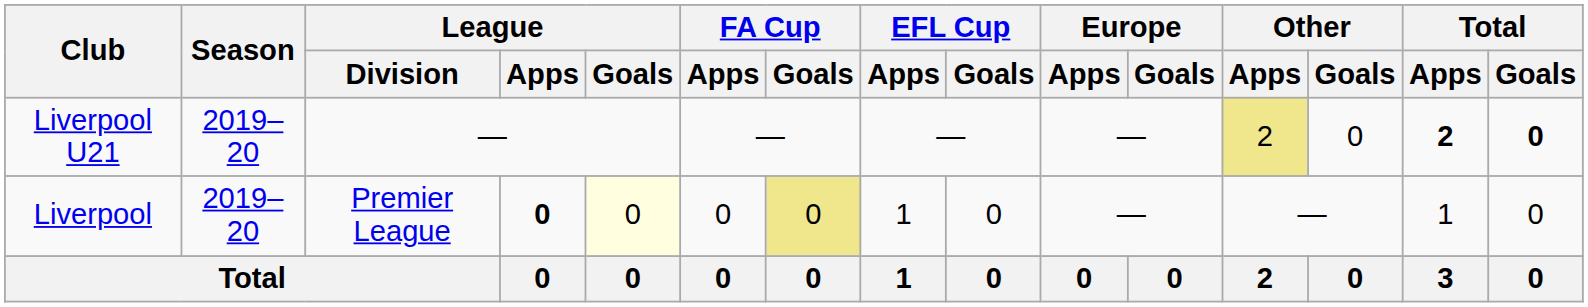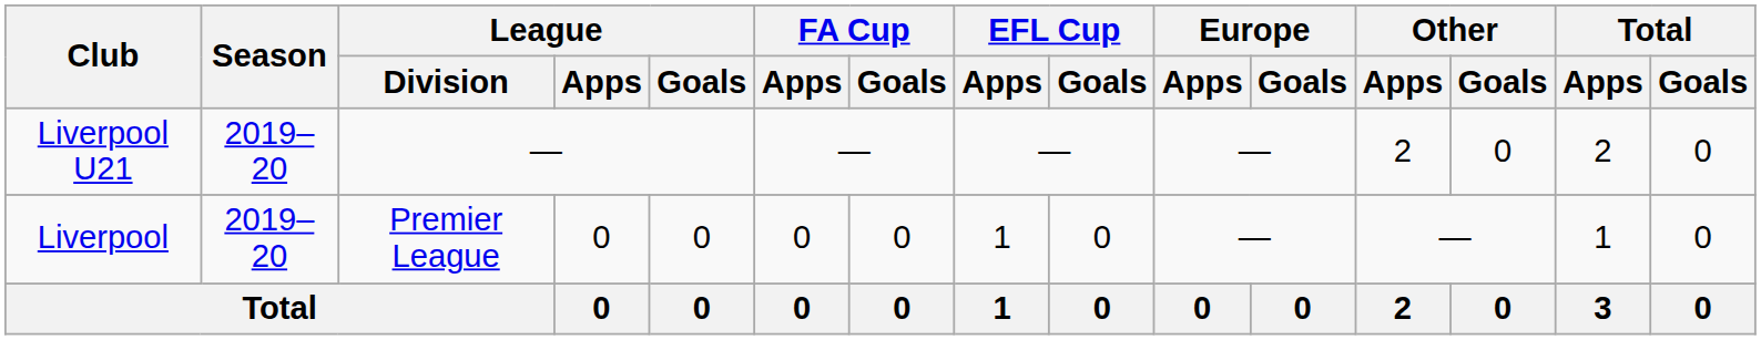 <table class="wikitable" style="text-align:center">
 <tr>
 <th rowspan=2>Club</th>
 <th rowspan=2>Season</th>
 <th colspan=3>League</th>
 <th colspan=2><a href='#'>FA Cup</a></th>
 <th colspan=2><a href='#'>EFL Cup</a></th>
 <th colspan=2>Europe</th>
 <th colspan=2>Other</th>
 <th colspan=2>Total</th>
 </tr>
 <tr>
 <th>Division</th>
 <th>Apps</th>
 <th>Goals</th>
 <th>Apps</th>
 <th>Goals</th>
 <th>Apps</th>
 <th>Goals</th>
 <th>Apps</th>
 <th>Goals</th>
 <th>Apps</th>
 <th>Goals</th>
 <th>Apps</th>
 <th>Goals</th>
 </tr>
 <tr>
 <td><a href='#'>Liverpool U21</a></td>
 <td><a href='#'>2019–20</a></td>
 <td colspan=3>—</td>
 <td colspan=2>—</td>
 <td colspan=2>—</td>
 <td colspan=2>—</td>
-<td style="background: khaki;">2</td>
+<td>2</td>
 <td>0</td>
-<td><strong>2</strong></td>
-<td><strong>0</strong></td>
+<td>2</td>
+<td>0</td>
 </tr>
 <tr>
 <td><a href='#'>Liverpool</a></td>
 <td><a href='#'>2019–20</a></td>
 <td><a href='#'>Premier League</a></td>
-<td><strong>0</strong></td>
-<td style="background: lightyellow;">0</td>
 <td>0</td>
-<td style="background: khaki;">0</td>
+<td>0</td>
+<td>0</td>
+<td>0</td>
 <td>1</td>
 <td>0</td>
 <td colspan=2>—</td>
 <td colspan=2>—</td>
 <td>1</td>
 <td>0</td>
 </tr>
 <tr>
 <th colspan=3>Total</th>
 <th>0</th>
 <th>0</th>
 <th>0</th>
 <th>0</th>
 <th>1</th>
 <th>0</th>
 <th>0</th>
 <th>0</th>
 <th>2</th>
 <th>0</th>
 <th>3</th>
 <th>0</th>
 </tr>
 </table>
